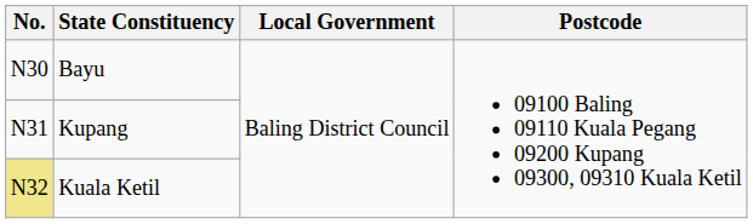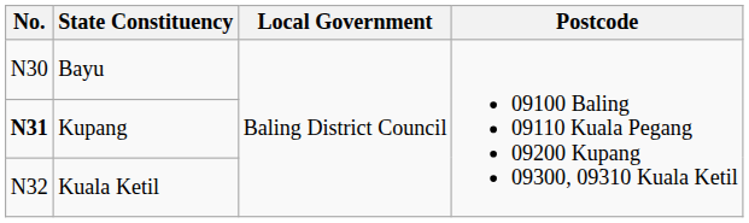 <table class="wikitable">
 <tr>
 <th>No.</th>
 <th>State Constituency</th>
 <th>Local Government</th>
 <th>Postcode</th>
 </tr>
 <tr>
 <td>N30</td>
 <td>Bayu</td>
 <td rowspan="3">Baling District Council</td>
 <td rowspan="3"><br><ul><li>09100 Baling</li><li>09110 Kuala Pegang</li><li>09200 Kupang</li><li>09300, 09310 Kuala Ketil</li></ul></td>
 </tr>
 <tr>
-<td>N31</td>
+<td><strong>N31</strong></td>
 <td>Kupang</td>
 </tr>
 <tr>
-<td style="background: khaki;">N32</td>
+<td>N32</td>
 <td>Kuala Ketil</td>
 </tr>
 </table>
